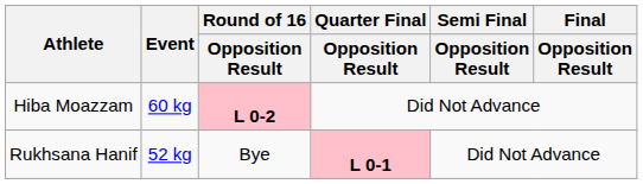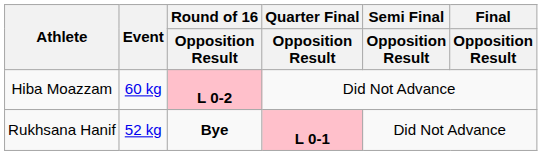 <table class=wikitable style="text-align:center; font-size:90%">
 <tr>
 <th rowspan=2>Athlete</th>
 <th rowspan=2>Event</th>
 <th>Round of 16</th>
 <th>Quarter Final</th>
 <th>Semi Final</th>
 <th>Final</th>
 </tr>
 <tr>
 <th>Opposition<br>Result</th>
 <th>Opposition<br>Result</th>
 <th>Opposition<br>Result</th>
 <th>Opposition<br>Result</th>
 </tr>
 <tr>
 <td>Hiba Moazzam</td>
 <td><a href='#'>60 kg</a></td>
 <td style="text-align:center; background:pink;"><br><strong>L 0-2</strong></td>
 <td colspan="3">Did Not Advance</td>
 </tr>
 <tr>
 <td>Rukhsana Hanif</td>
 <td><a href='#'>52 kg</a></td>
-<td>Bye</td>
+<td><strong>Bye</strong></td>
 <td style="text-align:center; background:pink;"><br><strong>L 0-1</strong></td>
 <td colspan="2">Did Not Advance</td>
 </tr>
 </table>
